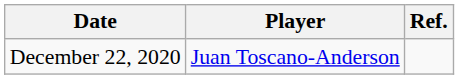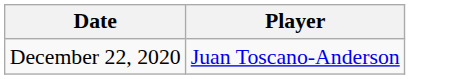 <table class="wikitable sortable sortable" style="text-align: center">
 <tr>
 <th>Date</th>
 <th>Player</th>
-<th>Ref.</th>
 </tr>
 <tr>
 <td>December 22, 2020</td>
 <td><a href='#'>Juan Toscano-Anderson</a></td>
-<td></td>
 </tr>
 </table>
